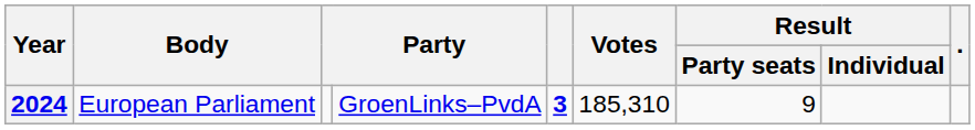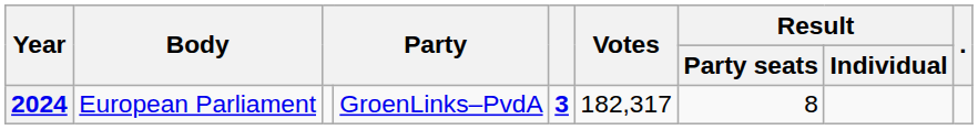 <table class="wikitable plainrowheaders sortable" border=2 cellpadding=4 cellspacing=0 style="border: 1px #aaa solid; font-size: 90%; text-align:center;">
 <tr>
 <th scope="col" rowspan=2>Year</th>
 <th scope="col" rowspan=2>Body</th>
 <th scope="col" colspan=2 rowspan=2>Party</th>
 <th scope="col" rowspan=2></th>
 <th scope="col" rowspan=2>Votes</th>
 <th scope="colgroup" colspan=2>Result</th>
 <th scope="col" rowspan=2>.</th>
 </tr>
 <tr>
 <th scope="col">Party seats</th>
 <th scope="col">Individual</th>
 </tr>
 <tr>
 <th scope="row"><a href='#'>2024</a></th>
 <td><a href='#'>European Parliament</a></td>
 <td style="background-color:"></td>
 <td><a href='#'>GroenLinks–PvdA</a></td>
 <td style=text-align:right><strong><a href='#'>3</a></strong></td>
-<td style=text-align:right>185,310</td>
-<td style=text-align:right>9</td>
+<td style=text-align:right>182,317</td>
+<td style=text-align:right>8</td>
 <td></td>
 <td></td>
 </tr>
 </table>
